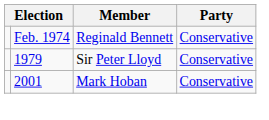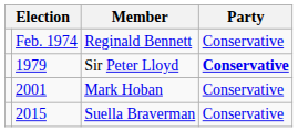 <table class="wikitable">
 <tr>
 <th colspan="2">Election</th>
 <th>Member</th>
 <th>Party</th>
 </tr>
 <tr>
 <td style="color:inherit;background-color: "></td>
 <td><a href='#'>Feb. 1974</a></td>
 <td><a href='#'>Reginald Bennett</a></td>
 <td><a href='#'>Conservative</a></td>
 </tr>
 <tr>
 <td style="color:inherit;background-color: "></td>
 <td><a href='#'>1979</a></td>
 <td>Sir <a href='#'>Peter Lloyd</a></td>
-<td><a href='#'>Conservative</a></td>
+<td><strong><a href='#'>Conservative</a></strong></td>
 </tr>
 <tr>
 <td style="color:inherit;background-color: "></td>
 <td><a href='#'>2001</a></td>
 <td><a href='#'>Mark Hoban</a></td>
 <td><a href='#'>Conservative</a></td>
 </tr>
+<tr>
+<td style="color:inherit;background-color: "></td>
+<td><a href='#'>2015</a></td>
+<td><a href='#'>Suella Braverman</a></td>
+<td><a href='#'>Conservative</a></td>
+</tr>
 </table>
